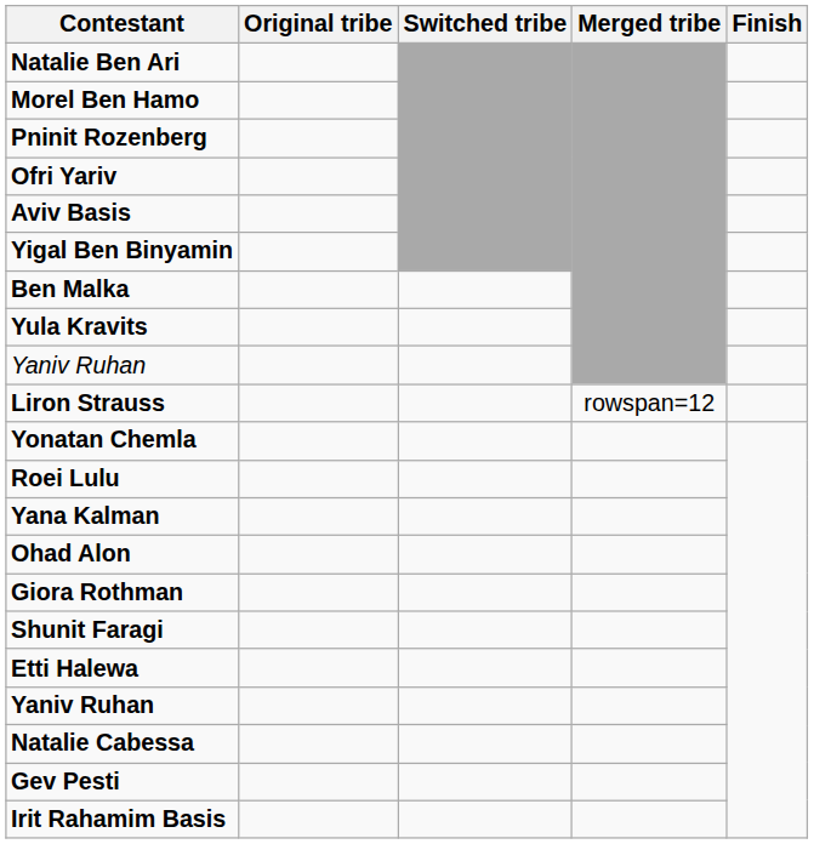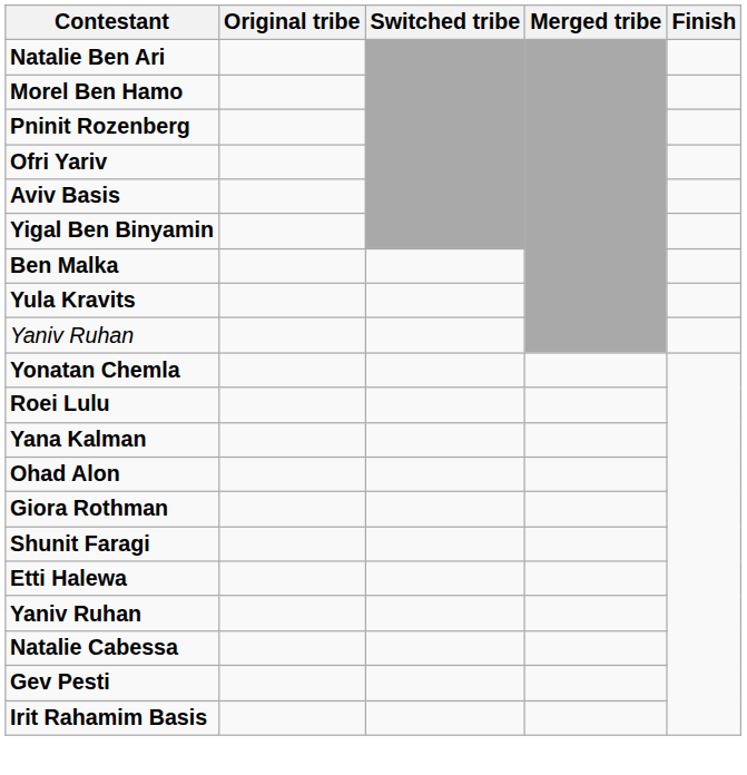 <table class="wikitable sortable nowrap" style="margin:auto; text-align:center">
 <tr>
 <th>Contestant</th>
 <th>Original tribe</th>
 <th>Switched tribe</th>
 <th>Merged tribe</th>
 <th>Finish</th>
 </tr>
 <tr>
 <td style="text-align:left;"><strong>Natalie Ben Ari</strong><br></td>
 <td></td>
 <td rowspan=6 bgcolor=darkgray></td>
 <td rowspan=9 bgcolor=darkgray></td>
 <td></td>
 </tr>
 <tr>
 <td style="text-align:left;"><strong>Morel Ben Hamo</strong><br></td>
 <td></td>
 <td></td>
 </tr>
 <tr>
 <td style="text-align:left;"><strong>Pninit Rozenberg</strong><br></td>
 <td></td>
 <td></td>
 </tr>
 <tr>
 <td style="text-align:left;"><strong>Ofri Yariv</strong><br></td>
 <td></td>
 <td></td>
 </tr>
 <tr>
 <td style="text-align:left;"><strong>Aviv Basis</strong><br></td>
 <td></td>
 <td></td>
 </tr>
 <tr>
 <td style="text-align:left;"><strong>Yigal Ben Binyamin</strong><br></td>
 <td></td>
 <td></td>
 </tr>
 <tr>
 <td style="text-align:left;"><strong>Ben Malka</strong><br></td>
 <td></td>
 <td></td>
 <td></td>
 </tr>
 <tr>
 <td style="text-align:left;"><strong>Yula Kravits</strong><br></td>
 <td></td>
 <td></td>
 <td></td>
 </tr>
 <tr>
 <td style="text-align:left;"><em>Yaniv Ruhan</em><br></td>
 <td></td>
 <td></td>
-<td></td>
-</tr>
-<tr>
-<td style="text-align:left;"><strong>Liron Strauss</strong><br></td>
-<td></td>
-<td></td>
-<td>rowspan=12 </td>
 <td></td>
 </tr>
 <tr>
 <td style="text-align:left;"><strong>Yonatan Chemla</strong><br></td>
 <td></td>
 <td></td>
 <td></td>
 </tr>
 <tr>
 <td style="text-align:left;"><strong>Roei Lulu</strong><br></td>
 <td></td>
 <td></td>
 <td></td>
 </tr>
 <tr>
 <td style="text-align:left;"><strong>Yana Kalman</strong><br></td>
 <td></td>
 <td></td>
 <td></td>
 </tr>
 <tr>
 <td style="text-align:left;"><strong>Ohad Alon</strong><br></td>
 <td></td>
 <td></td>
 <td></td>
 </tr>
 <tr>
 <td style="text-align:left;"><strong>Giora Rothman</strong><br></td>
 <td></td>
 <td></td>
 <td></td>
 </tr>
 <tr>
 <td style="text-align:left;"><strong>Shunit Faragi</strong><br></td>
 <td></td>
 <td></td>
 <td></td>
 </tr>
 <tr>
 <td style="text-align:left;"><strong>Etti Halewa</strong><br></td>
 <td></td>
 <td></td>
 <td></td>
 </tr>
 <tr>
 <td style="text-align:left;"><strong>Yaniv Ruhan</strong><br></td>
 <td></td>
 <td></td>
 <td></td>
 </tr>
 <tr>
 <td style="text-align:left;"><strong>Natalie Cabessa</strong><br></td>
 <td></td>
 <td></td>
 <td></td>
 </tr>
 <tr>
 <td style="text-align:left;"><strong>Gev Pesti</strong><br></td>
 <td></td>
 <td></td>
 <td></td>
 </tr>
 <tr>
 <td style="text-align:left;"><strong>Irit Rahamim Basis</strong><br></td>
 <td></td>
 <td></td>
 <td></td>
 </tr>
 </table>
